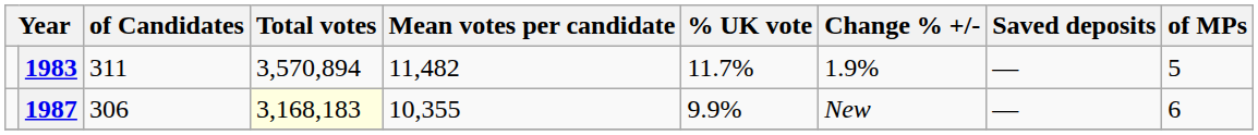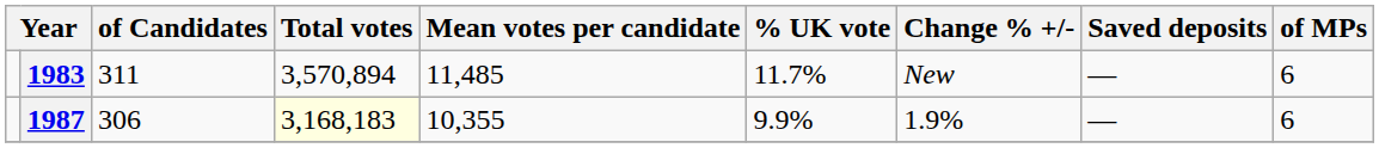 <table class="wikitable sortable">
 <tr>
 <th colspan="2">Year</th>
 <th> of Candidates</th>
 <th>Total votes</th>
 <th>Mean votes per candidate</th>
 <th>% UK vote</th>
 <th>Change % +/-</th>
 <th>Saved deposits</th>
 <th> of MPs</th>
 </tr>
 <tr>
 <td width="1"></td>
 <th style="text-align:left;"><a href='#'>1983</a></th>
 <td>311</td>
 <td>3,570,894</td>
-<td>11,482</td>
+<td>11,485</td>
 <td>11.7%</td>
-<td> 1.9%</td>
+<td><em>New</em></td>
 <td>—</td>
-<td>5</td>
+<td>6</td>
 </tr>
 <tr>
 <td width="1"></td>
 <th style="text-align:left;"><a href='#'>1987</a></th>
 <td>306</td>
 <td style="background: lightyellow;">3,168,183</td>
 <td>10,355</td>
 <td>9.9%</td>
-<td><em>New</em></td>
+<td> 1.9%</td>
 <td>—</td>
 <td>6</td>
 </tr>
 <tr>
 </tr>
 </table>
